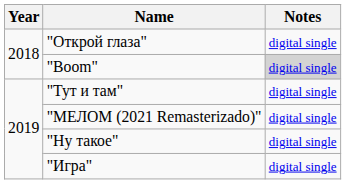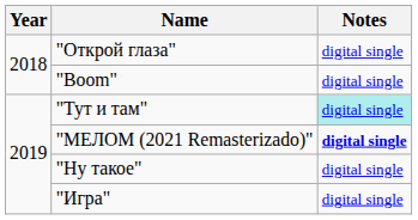 <table class="wikitable">
 <tr>
 <th rowspan="1">Year</th>
 <th rowspan="1">Name</th>
 <th rowspan="1">Notes</th>
 </tr>
 <tr>
 <td rowspan="2" align="center">2018</td>
 <td>"Открой глаза"</td>
 <td><small><a href='#'>digital single</a></small></td>
 </tr>
 <tr>
 <td>"Boom"</td>
-<td style="background: lightgrey;"><small><a href='#'>digital single</a></small></td>
+<td><small><a href='#'>digital single</a></small></td>
 </tr>
 <tr>
 <td rowspan="4" align="center">2019</td>
 <td>"Тут и там"</td>
-<td><small><a href='#'>digital single</a></small></td>
+<td style="background: paleturquoise;"><small><a href='#'>digital single</a></small></td>
 </tr>
 <tr>
 <td>"МЕЛОМ (2021 Remasterizado)"</td>
-<td><small><a href='#'>digital single</a></small></td>
+<td><strong><small><a href='#'>digital single</a></small></strong></td>
 </tr>
 <tr>
 <td>"Ну такое"</td>
 <td><small><a href='#'>digital single</a></small></td>
 </tr>
 <tr>
 <td>"Игра"</td>
 <td><small><a href='#'>digital single</a></small></td>
 </tr>
 </table>
